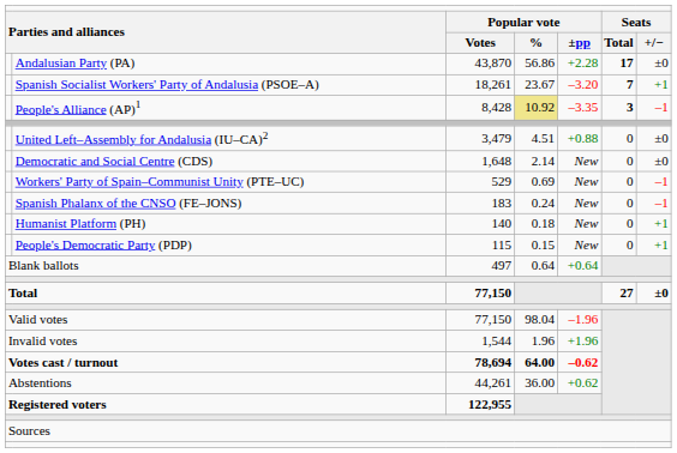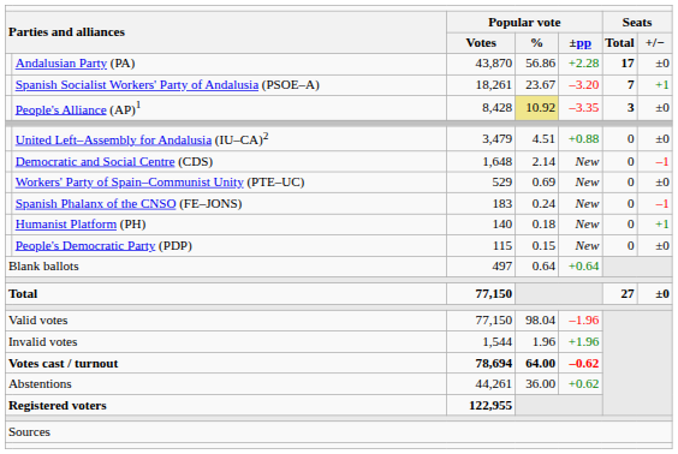 <table class="wikitable" style="text-align:right;">
 <tr>
 <td colspan="7"></td>
 </tr>
 <tr>
 <th style="text-align:left;" rowspan="2" colspan="2" width="525">Parties and alliances</th>
 <th colspan="3">Popular vote</th>
 <th colspan="2">Seats</th>
 </tr>
 <tr>
 <th width="75">Votes</th>
 <th width="45">%</th>
 <th width="45">±<a href='#'>pp</a></th>
 <th width="35">Total</th>
 <th width="35">+/−</th>
 </tr>
 <tr>
 <td width="1" style="color:inherit;background:"></td>
 <td align="left"><a href='#'>Andalusian Party</a> (PA)</td>
 <td>43,870</td>
 <td>56.86</td>
 <td style="color:green;">+2.28</td>
 <td><strong>17</strong></td>
 <td>±0</td>
 </tr>
 <tr>
 <td style="color:inherit;background:"></td>
 <td align="left"><a href='#'>Spanish Socialist Workers' Party of Andalusia</a> (PSOE–A)</td>
 <td>18,261</td>
 <td>23.67</td>
 <td style="color:red;">–3.20</td>
 <td><strong>7</strong></td>
 <td style="color:green;">+1</td>
 </tr>
 <tr>
 <td style="color:inherit;background:"></td>
 <td align="left"><a href='#'>People's Alliance</a> (AP)<sup>1</sup></td>
 <td>8,428</td>
 <td style="background: khaki;">10.92</td>
 <td style="color:red;">–3.35</td>
 <td><strong>3</strong></td>
-<td style="color:red;">–1</td>
+<td>±0</td>
 </tr>
 <tr>
 <td colspan="7" bgcolor="#C0C0C0"></td>
 </tr>
 <tr>
 <td style="color:inherit;background:"></td>
 <td align="left"><a href='#'>United Left–Assembly for Andalusia</a> (IU–CA)<sup>2</sup></td>
 <td>3,479</td>
 <td>4.51</td>
 <td style="color:green;">+0.88</td>
 <td>0</td>
 <td>±0</td>
 </tr>
 <tr>
 <td style="color:inherit;background:"></td>
 <td align="left"><a href='#'>Democratic and Social Centre</a> (CDS)</td>
 <td>1,648</td>
 <td>2.14</td>
 <td><em>New</em></td>
 <td>0</td>
-<td>±0</td>
+<td style="color:red;">–1</td>
 </tr>
 <tr>
 <td style="color:inherit;background:"></td>
 <td align="left"><a href='#'>Workers' Party of Spain–Communist Unity</a> (PTE–UC)</td>
 <td>529</td>
 <td>0.69</td>
 <td><em>New</em></td>
 <td>0</td>
-<td style="color:red;">–1</td>
+<td>±0</td>
 </tr>
 <tr>
 <td style="color:inherit;background:"></td>
 <td align="left"><a href='#'>Spanish Phalanx of the CNSO</a> (FE–JONS)</td>
 <td>183</td>
 <td>0.24</td>
 <td><em>New</em></td>
 <td>0</td>
 <td style="color:red;">–1</td>
 </tr>
 <tr>
 <td style="color:inherit;background:"></td>
 <td align="left"><a href='#'>Humanist Platform</a> (PH)</td>
 <td>140</td>
 <td>0.18</td>
 <td><em>New</em></td>
 <td>0</td>
 <td style="color:green;">+1</td>
 </tr>
 <tr>
 <td style="color:inherit;background:"></td>
 <td align="left"><a href='#'>People's Democratic Party</a> (PDP)</td>
 <td>115</td>
 <td>0.15</td>
 <td><em>New</em></td>
 <td>0</td>
-<td style="color:green;">+1</td>
+<td>±0</td>
 </tr>
 <tr>
 <td align="left" colspan="2">Blank ballots</td>
 <td>497</td>
 <td>0.64</td>
 <td style="color:green;">+0.64</td>
 <td bgcolor="#E9E9E9" colspan="2"></td>
 </tr>
 <tr>
 <td colspan="7" bgcolor="#E9E9E9"></td>
 </tr>
 <tr style="font-weight:bold;">
 <td align="left" colspan="2">Total</td>
 <td>77,150</td>
 <td bgcolor="#E9E9E9" colspan="2"></td>
 <td>27</td>
 <td>±0</td>
 </tr>
 <tr>
 <td colspan="7" bgcolor="#E9E9E9"></td>
 </tr>
 <tr>
 <td align="left" colspan="2">Valid votes</td>
 <td>77,150</td>
 <td>98.04</td>
 <td style="color:red;">–1.96</td>
 <td bgcolor="#E9E9E9" colspan="2" rowspan="5"></td>
 </tr>
 <tr>
 <td align="left" colspan="2">Invalid votes</td>
 <td>1,544</td>
 <td>1.96</td>
 <td style="color:green;">+1.96</td>
 </tr>
 <tr style="font-weight:bold;">
 <td align="left" colspan="2">Votes cast / turnout</td>
 <td>78,694</td>
 <td>64.00</td>
 <td style="color:red;">–0.62</td>
 </tr>
 <tr>
 <td align="left" colspan="2">Abstentions</td>
 <td>44,261</td>
 <td>36.00</td>
 <td style="color:green;">+0.62</td>
 </tr>
 <tr style="font-weight:bold;">
 <td align="left" colspan="2">Registered voters</td>
 <td>122,955</td>
 <td bgcolor="#E9E9E9" colspan="2"></td>
 </tr>
 <tr>
 <td colspan="7" bgcolor="#E9E9E9"></td>
 </tr>
 <tr>
 <td align="left" colspan="7">Sources</td>
 </tr>
 <tr>
 <td colspan="7" style="text-align:left; max-width:790px;"></td>
 </tr>
 </table>
